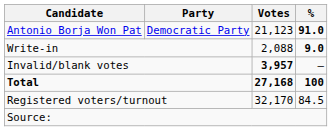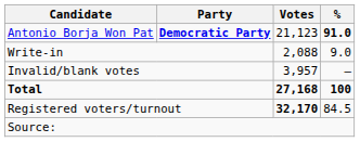 <table class=wikitable style=text-align:right>
 <tr>
 <th>Candidate</th>
 <th>Party</th>
 <th>Votes</th>
 <th>%</th>
 </tr>
 <tr>
 <td align=left><a href='#'>Antonio Borja Won Pat</a></td>
-<td><a href='#'>Democratic Party</a></td>
+<td><strong><a href='#'>Democratic Party</a></strong></td>
 <td>21,123</td>
 <td><strong>91.0</strong></td>
 </tr>
 <tr>
 <td align=left colspan=2>Write-in</td>
 <td>2,088</td>
-<td><strong>9.0</strong></td>
+<td>9.0</td>
 </tr>
 <tr>
 <td align=left colspan=2>Invalid/blank votes</td>
-<td><strong>3,957</strong></td>
+<td>3,957</td>
 <td>–</td>
 </tr>
 <tr>
 <td align=left colspan=2><strong>Total</strong></td>
 <td><strong>27,168</strong></td>
 <td><strong>100</strong></td>
 </tr>
 <tr>
 <td align=left colspan=2>Registered voters/turnout</td>
-<td>32,170</td>
+<td><strong>32,170</strong></td>
 <td>84.5</td>
 </tr>
 <tr>
 <td align=left colspan=4>Source: </td>
 </tr>
 </table>
